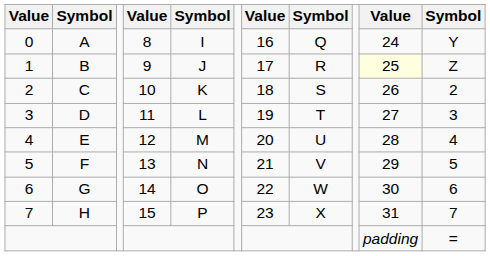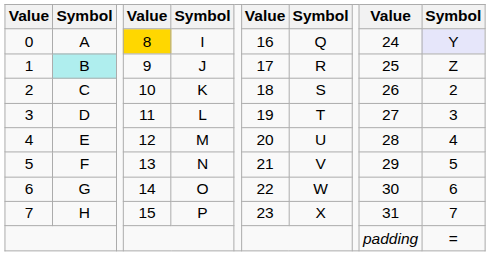 <table class="wikitable" style="width:40ex; text-align: center; margin: 0 auto 0 auto;">
 <tr>
 <th width="12%">Value</th>
 <th width="12%">Symbol</th>
 <td rowspan="10"></td>
 <th width="12%">Value</th>
 <th width="12%">Symbol</th>
 <td rowspan="10"></td>
 <th width="12%">Value</th>
 <th width="12%">Symbol</th>
 <td rowspan="10"></td>
 <th width="12%">Value</th>
 <th width="12%">Symbol</th>
 </tr>
 <tr>
 <td>0</td>
 <td>A</td>
-<td>8</td>
+<td style="background: gold;">8</td>
 <td>I</td>
 <td>16</td>
 <td>Q</td>
 <td>24</td>
-<td>Y</td>
+<td style="background: lavender;">Y</td>
 </tr>
 <tr>
 <td>1</td>
-<td>B</td>
+<td style="background: paleturquoise;">B</td>
 <td>9</td>
 <td>J</td>
 <td>17</td>
 <td>R</td>
-<td style="background: lightyellow;">25</td>
+<td>25</td>
 <td>Z</td>
 </tr>
 <tr>
 <td>2</td>
 <td>C</td>
 <td>10</td>
 <td>K</td>
 <td>18</td>
 <td>S</td>
 <td>26</td>
 <td>2</td>
 </tr>
 <tr>
 <td>3</td>
 <td>D</td>
 <td>11</td>
 <td>L</td>
 <td>19</td>
 <td>T</td>
 <td>27</td>
 <td>3</td>
 </tr>
 <tr>
 <td>4</td>
 <td>E</td>
 <td>12</td>
 <td>M</td>
 <td>20</td>
 <td>U</td>
 <td>28</td>
 <td>4</td>
 </tr>
 <tr>
 <td>5</td>
 <td>F</td>
 <td>13</td>
 <td>N</td>
 <td>21</td>
 <td>V</td>
 <td>29</td>
 <td>5</td>
 </tr>
 <tr>
 <td>6</td>
 <td>G</td>
 <td>14</td>
 <td>O</td>
 <td>22</td>
 <td>W</td>
 <td>30</td>
 <td>6</td>
 </tr>
 <tr>
 <td>7</td>
 <td>H</td>
 <td>15</td>
 <td>P</td>
 <td>23</td>
 <td>X</td>
 <td>31</td>
 <td>7</td>
 </tr>
 <tr>
 <td colspan="2"></td>
 <td colspan="2"></td>
 <td colspan="2"></td>
 <td><em>padding</em></td>
 <td>=</td>
 </tr>
 </table>
